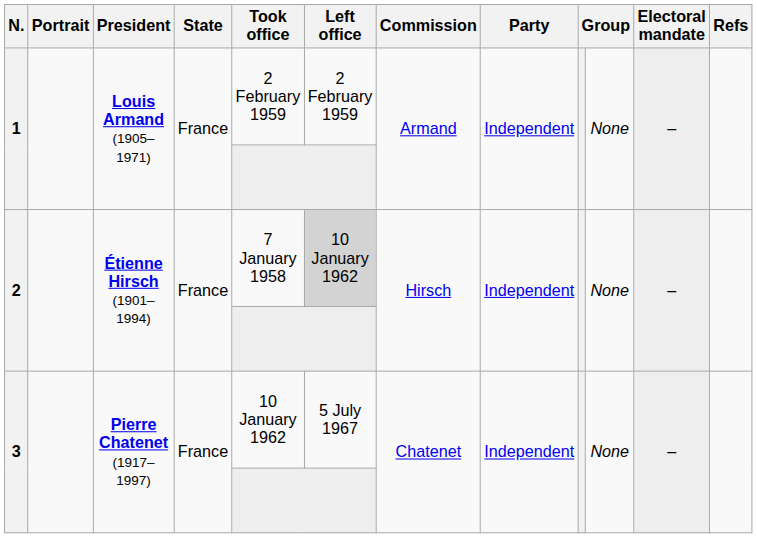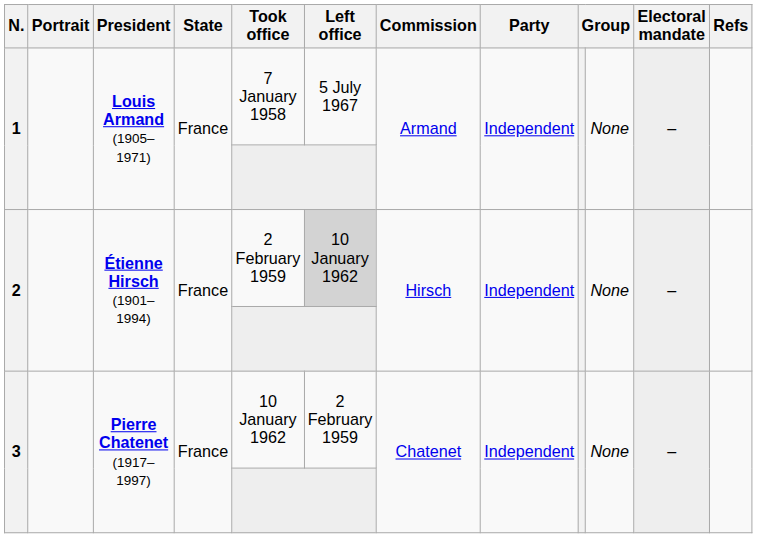 <table class="wikitable" style="text-align:center; style="width=100%">
 <tr>
 <th width=1%>N.</th>
 <th width=10%>Portrait</th>
 <th width=13%>President<br></th>
 <th width=7%>State</th>
 <th width=13%>Took office</th>
 <th width=13%>Left office</th>
 <th width=10%>Commission</th>
 <th width=8%>Party</th>
 <th widht=15% colspan=2>Group</th>
 <th width=5%>Electoral mandate</th>
 <th width=5%>Refs</th>
 </tr>
 <tr style="height:6em;">
 <th rowspan=2>1</th>
 <td rowspan=2></td>
 <td rowspan=2><strong><a href='#'>Louis Armand</a></strong><br><small>(1905–1971)</small></td>
 <td rowspan=2>France</td>
-<td>2 February 1959</td>
-<td>2 February 1959</td>
+<td>7 January 1958</td>
+<td>5 July 1967</td>
 <td rowspan=2><a href='#'>Armand</a></td>
 <td rowspan=2><a href='#'>Independent</a></td>
 <th rowspan=2 style="background:"></th>
 <td rowspan=2><em>None</em></td>
 <td rowspan=2 bgcolor=#EEEEEE>–</td>
 <td rowspan=2></td>
 </tr>
 <tr style="height:4em;">
 <td colspan=2 bgcolor=#EEEEEE></td>
 </tr>
 <tr style="height:6em;">
 <th rowspan=2>2</th>
 <td rowspan=2></td>
 <td rowspan=2><strong><a href='#'>Étienne Hirsch</a></strong><br><small>(1901–1994)</small></td>
 <td rowspan=2>France</td>
-<td>7 January 1958</td>
+<td>2 February 1959</td>
 <td style="background: lightgrey;">10 January 1962</td>
 <td rowspan=2><a href='#'>Hirsch</a></td>
 <td rowspan=2><a href='#'>Independent</a></td>
 <th rowspan=2 style="background:"></th>
 <td rowspan=2><em>None</em></td>
 <td rowspan=2 bgcolor=#EEEEEE>–</td>
 <td rowspan=2></td>
 </tr>
 <tr style="height:4em;">
 <td colspan=2 bgcolor=#EEEEEE></td>
 </tr>
 <tr style="height:6em;">
 <th rowspan=2>3</th>
 <td rowspan=2></td>
 <td rowspan=2><strong><a href='#'>Pierre Chatenet</a></strong><br><small>(1917–1997)</small></td>
 <td rowspan=2>France</td>
 <td>10 January 1962</td>
-<td>5 July 1967</td>
+<td>2 February 1959</td>
 <td rowspan=2><a href='#'>Chatenet</a></td>
 <td rowspan=2><a href='#'>Independent</a></td>
 <th rowspan=2 style="background:"></th>
 <td rowspan=2><em>None</em></td>
 <td rowspan=2 bgcolor=#EEEEEE>–</td>
 <td rowspan=2></td>
 </tr>
 <tr style="height:4em;">
 <td colspan=2 bgcolor=#EEEEEE></td>
 </tr>
 </table>
